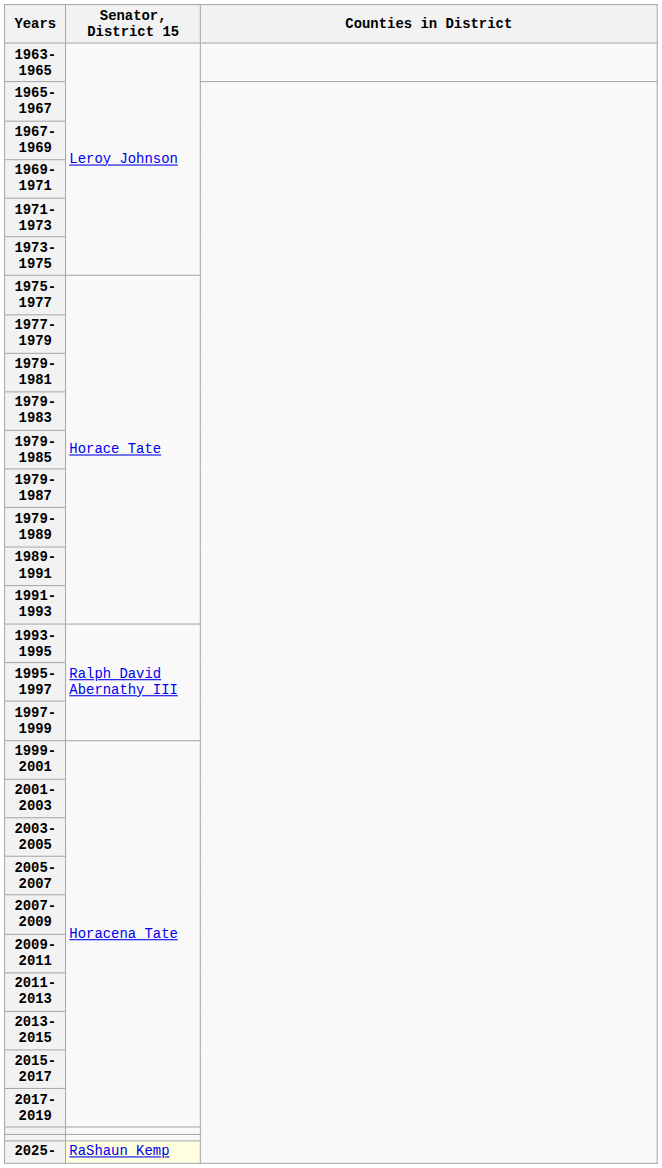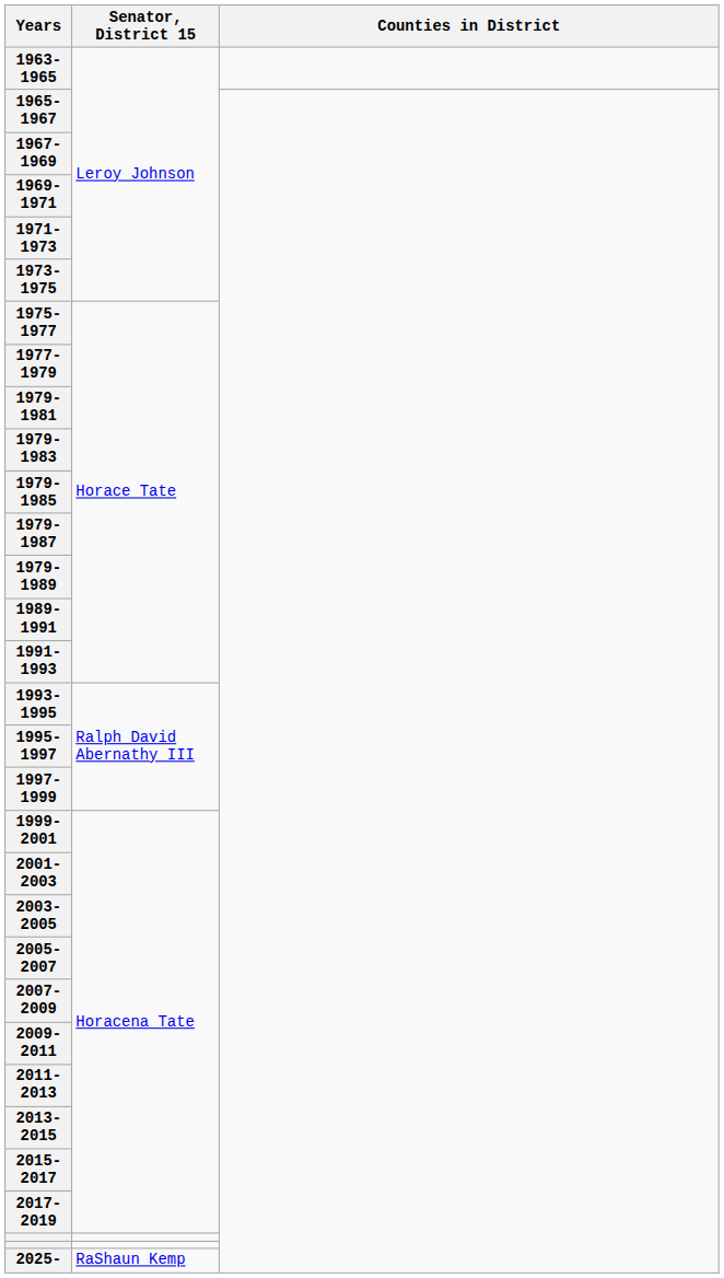 <table class="wikitable">
 <tr>
 <th>Years</th>
 <th>Senator, District 15</th>
 <th width=70%>Counties in District</th>
 </tr>
 <tr>
 <th>1963-1965</th>
 <td rowspan = 6 ><a href='#'>Leroy Johnson</a></td>
 <td></td>
 </tr>
 <tr>
 <th>1965-1967</th>
 </tr>
 <tr>
 <th>1967-1969</th>
 </tr>
 <tr>
 <th>1969-1971</th>
 </tr>
 <tr>
 <th>1971-1973</th>
 </tr>
 <tr>
 <th>1973-1975</th>
 </tr>
 <tr>
 <th>1975-1977</th>
 <td rowspan = 9 ><a href='#'>Horace Tate</a></td>
 </tr>
 <tr>
 <th>1977-1979</th>
 </tr>
 <tr>
 <th>1979-1981</th>
 </tr>
 <tr>
 <th>1979-1983</th>
 </tr>
 <tr>
 <th>1979-1985</th>
 </tr>
 <tr>
 <th>1979-1987</th>
 </tr>
 <tr>
 <th>1979-1989</th>
 </tr>
 <tr>
 <th>1989-1991</th>
 </tr>
 <tr>
 <th>1991-1993</th>
 </tr>
 <tr>
 <th>1993-1995</th>
 <td rowspan = 3 ><a href='#'>Ralph David Abernathy III</a></td>
 </tr>
 <tr>
 <th>1995-1997</th>
 </tr>
 <tr>
 <th>1997-1999</th>
 </tr>
 <tr>
 <th>1999-2001</th>
 <td rowspan = 10 ><a href='#'>Horacena Tate</a></td>
 </tr>
 <tr>
 <th>2001-2003</th>
 </tr>
 <tr>
 <th>2003-2005</th>
 </tr>
 <tr>
 <th>2005-2007</th>
 </tr>
 <tr>
 <th>2007-2009</th>
 </tr>
 <tr>
 <th>2009-2011</th>
 </tr>
 <tr>
 <th>2011-2013</th>
 </tr>
 <tr>
 <th>2013-2015</th>
 </tr>
 <tr>
 <th>2015-2017</th>
 </tr>
 <tr>
 <th>2017-2019</th>
 </tr>
 <tr>
 <th></th>
 <td></td>
 </tr>
 <tr>
 <th></th>
 <td></td>
 </tr>
 <tr>
 <th>2025-</th>
-<td style="background: lightyellow;"><a href='#'>RaShaun Kemp</a></td>
+<td><a href='#'>RaShaun Kemp</a></td>
 </tr>
 </table>
